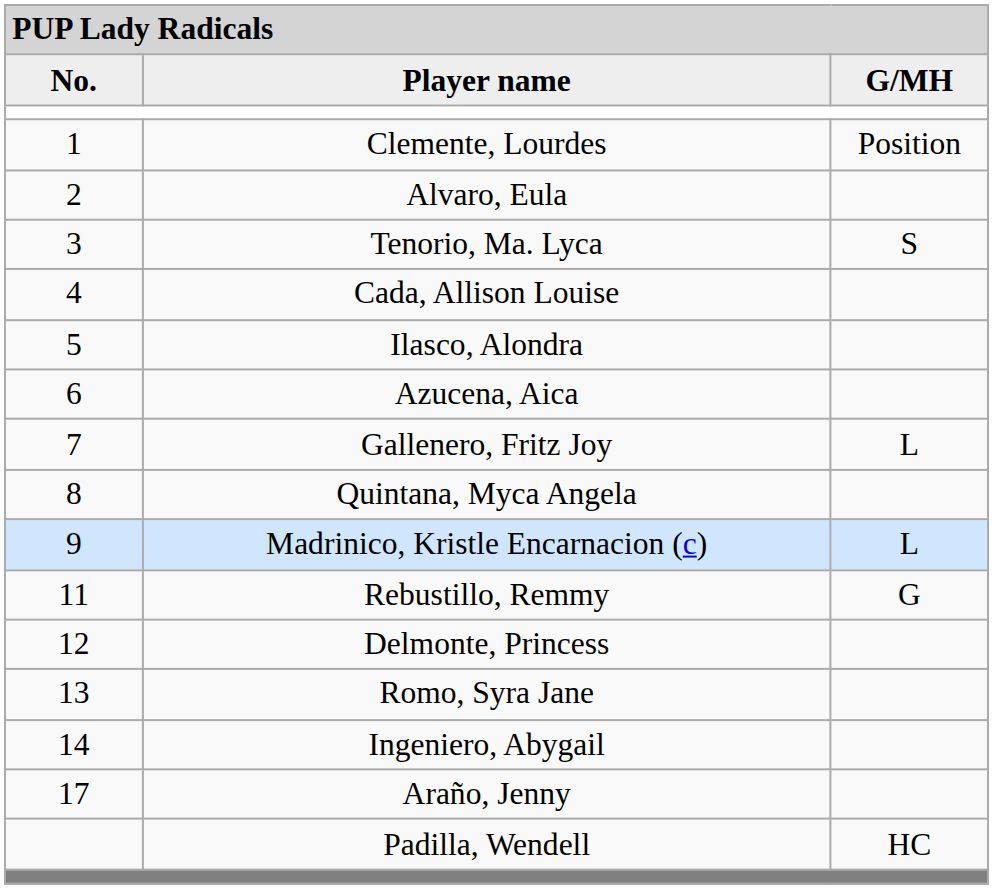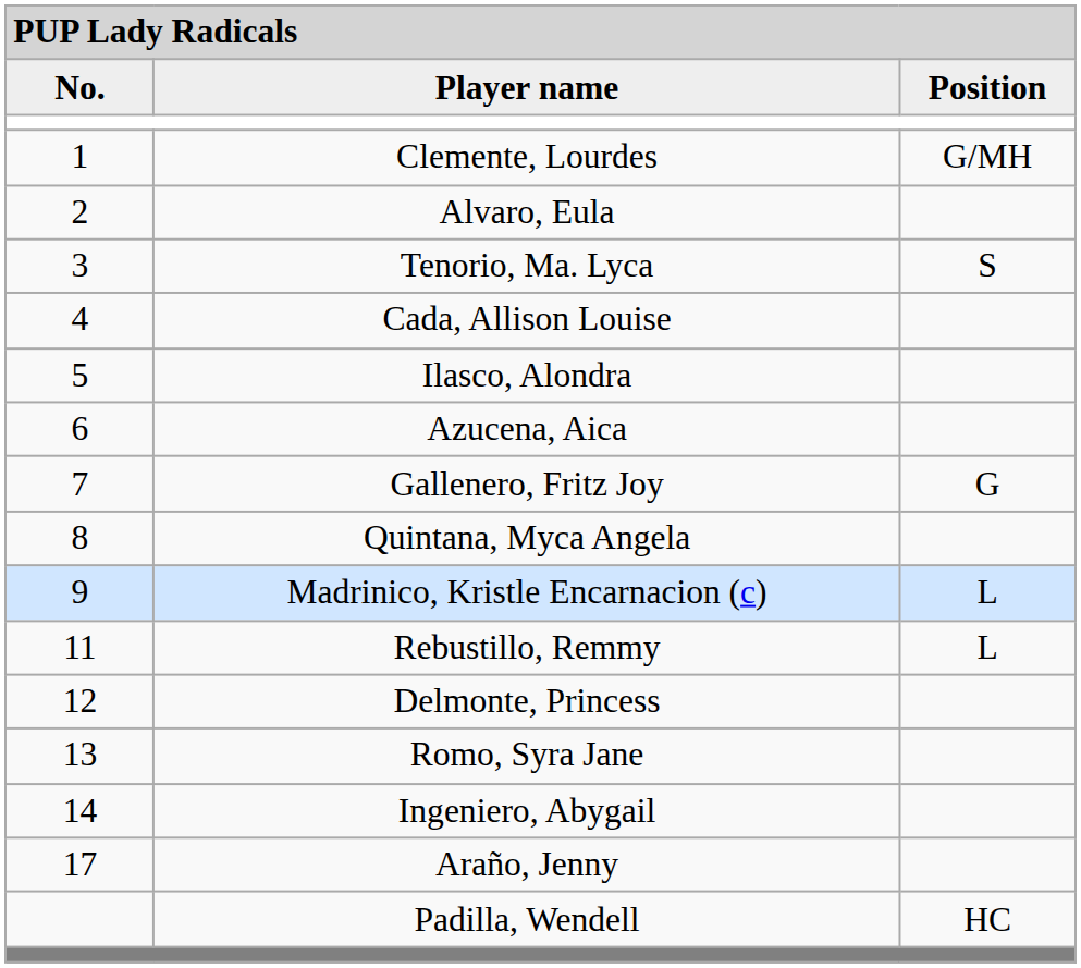 <table class='wikitable mw-collapsible mw-collapsed' style='text-align: center; width: 500px; border: none;'>
 <tr>
 <th style="background:#D4D4D4; text-align:left;" colspan=3> PUP Lady Radicals</th>
 </tr>
 <tr style="background:#EEEEEE; font-weight:bold;">
 <td width=10%>No.</td>
 <td width=50%>Player name</td>
-<td align=center>G/MH</td>
+<td width=10%>Position</td>
 </tr>
 <tr style="background:#FFFFFF;">
 <td colspan=3 align=center></td>
 </tr>
 <tr>
 <td align=center>1</td>
 <td>Clemente, Lourdes</td>
-<td width=10%>Position</td>
+<td align=center>G/MH</td>
 </tr>
 <tr>
 <td align=center>2</td>
 <td>Alvaro, Eula</td>
 <td align=center></td>
 </tr>
 <tr>
 <td align=center>3</td>
 <td>Tenorio, Ma. Lyca</td>
 <td align=center>S</td>
 </tr>
 <tr>
 <td align=center>4</td>
 <td>Cada, Allison Louise</td>
 <td align=center></td>
 </tr>
 <tr>
 <td align=center>5</td>
 <td>Ilasco, Alondra</td>
 <td align=center></td>
 </tr>
 <tr>
 <td align=center>6</td>
 <td>Azucena, Aica</td>
 <td align=center></td>
 </tr>
 <tr>
 <td align=center>7</td>
 <td>Gallenero, Fritz Joy</td>
-<td align=center>L</td>
+<td align=center>G</td>
 </tr>
 <tr>
 <td align=center>8</td>
 <td>Quintana, Myca Angela</td>
 <td align=center></td>
 </tr>
 <tr style="background: #D0E6FF;">
 <td align=center>9</td>
 <td>Madrinico, Kristle Encarnacion (<a href='#'>c</a>)</td>
 <td align=center>L</td>
 </tr>
 <tr>
 <td align=center>11</td>
 <td>Rebustillo, Remmy</td>
-<td align=center>G</td>
+<td align=center>L</td>
 </tr>
 <tr>
 <td align=center>12</td>
 <td>Delmonte, Princess</td>
 <td align=center></td>
 </tr>
 <tr>
 <td align=center>13</td>
 <td>Romo, Syra Jane</td>
 <td align=center></td>
 </tr>
 <tr>
 <td align=center>14</td>
 <td>Ingeniero, Abygail</td>
 <td align=center></td>
 </tr>
 <tr>
 <td align=center>17</td>
 <td>Araño, Jenny</td>
 <td align=center></td>
 </tr>
 <tr>
 <td align=center></td>
 <td>Padilla, Wendell</td>
 <td align=center>HC</td>
 </tr>
 <tr>
 <th style='background: grey;' colspan=3></th>
 </tr>
 </table>
